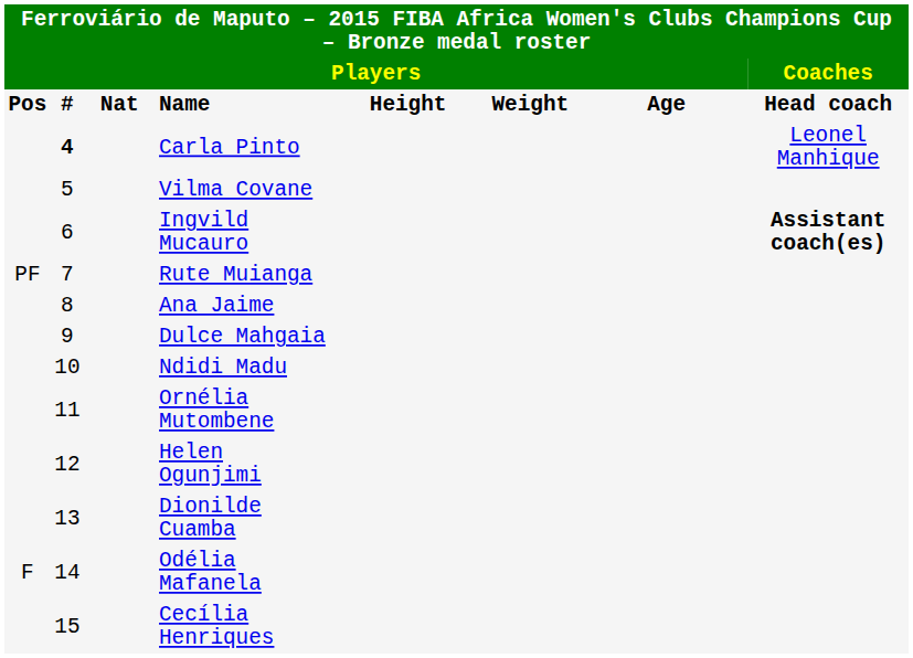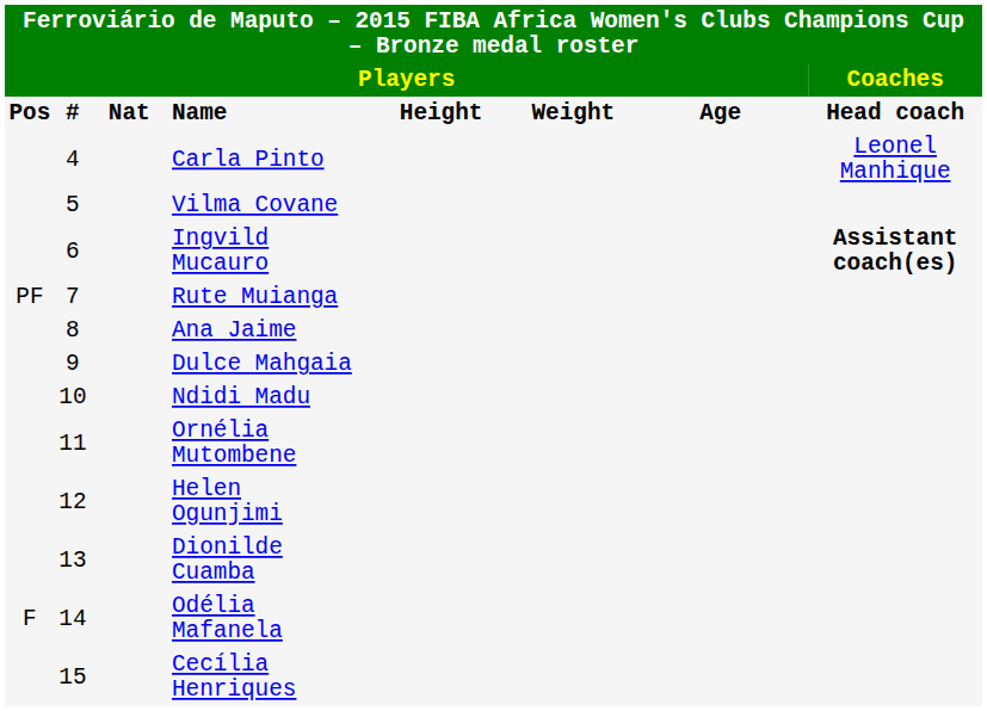 <table border=0 cellpadding=2 cellspacing=0  |- bgcolor=#f5f5f5 style="text-align:center; font-size:85%;" width=75%>
 <tr>
 <td colspan="8" style="background: green; color: white"><strong>Ferroviário de Maputo – 2015 FIBA Africa Women's Clubs Champions Cup – Bronze medal roster</strong></td>
 </tr>
 <tr>
 <td colspan="7" style="background: green; color: yellow"><strong>Players</strong></td>
 <td style="background: green; color: yellow"><strong>Coaches</strong></td>
 </tr>
 <tr style="background=#f5f5f5; color: black">
 <th width=5px>Pos</th>
 <th width=5px>#</th>
 <th width=50px>Nat</th>
 <th width=135px align=left>Name</th>
 <th width=100px>Height</th>
 <th width=70px>Weight</th>
 <th width=160px>Age</th>
 <th width=105px>Head coach</th>
 </tr>
 <tr>
 <td></td>
-<td><strong>4</strong></td>
+<td>4</td>
 <td></td>
 <td align=left><a href='#'>Carla Pinto</a></td>
 <td></td>
 <td></td>
 <td><span></span></td>
 <td> <a href='#'>Leonel Manhique</a></td>
 </tr>
 <tr>
 <td></td>
 <td>5</td>
 <td></td>
 <td align=left><a href='#'>Vilma Covane</a></td>
 <td><span></span></td>
 <td></td>
 <td><span></span></td>
 </tr>
 <tr>
 <td></td>
 <td>6</td>
 <td></td>
 <td align=left><a href='#'>Ingvild Mucauro</a></td>
 <td><span></span></td>
 <td></td>
 <td><span></span></td>
 <td><strong>Assistant coach(es)</strong></td>
 </tr>
 <tr>
 <td>PF</td>
 <td>7</td>
 <td></td>
 <td align=left><a href='#'>Rute Muianga</a></td>
 <td><span></span></td>
 <td></td>
 <td><span></span></td>
 <td></td>
 </tr>
 <tr>
 <td></td>
 <td>8</td>
 <td></td>
 <td align=left><a href='#'>Ana Jaime</a></td>
 <td></td>
 <td></td>
 <td><span></span></td>
 </tr>
 <tr>
 <td></td>
 <td>9</td>
 <td></td>
 <td align=left><a href='#'>Dulce Mahgaia</a></td>
 <td></td>
 <td></td>
 <td><span></span></td>
 </tr>
 <tr>
 <td></td>
 <td>10</td>
 <td></td>
 <td align=left><a href='#'>Ndidi Madu</a></td>
 <td><span></span></td>
 <td></td>
 <td><span></span></td>
 </tr>
 <tr>
 <td></td>
 <td>11</td>
 <td></td>
 <td align=left><a href='#'>Ornélia Mutombene</a></td>
 <td><span></span></td>
 <td></td>
 <td><span></span></td>
 </tr>
 <tr>
 <td></td>
 <td>12</td>
 <td></td>
 <td align=left><a href='#'>Helen Ogunjimi</a></td>
 <td><span></span></td>
 <td></td>
 <td><span></span></td>
 </tr>
 <tr>
 <td></td>
 <td>13</td>
 <td></td>
 <td align=left><a href='#'>Dionilde Cuamba</a></td>
 <td><span></span></td>
 <td></td>
 <td><span></span></td>
 </tr>
 <tr>
 <td>F</td>
 <td>14</td>
 <td></td>
 <td align=left><a href='#'>Odélia Mafanela</a></td>
 <td><span></span></td>
 <td></td>
 <td><span></span></td>
 </tr>
 <tr>
 <td></td>
 <td>15</td>
 <td></td>
 <td align=left><a href='#'>Cecília Henriques</a></td>
 <td><span></span></td>
 <td></td>
 <td><span></span></td>
 </tr>
 </table>
